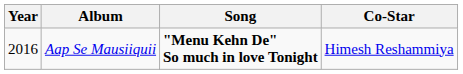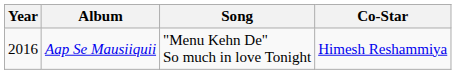 <table class="wikitable">
 <tr>
 <th>Year</th>
 <th>Album</th>
 <th>Song</th>
 <th>Co-Star</th>
 </tr>
 <tr>
 <td rowspan="3">2016</td>
 <td rowspan="3"><em><a href='#'>Aap Se Mausiiquii</a></em></td>
-<td><strong>"Menu Kehn De"<br>So much in love  Tonight</strong></td>
+<td>"Menu Kehn De"<br>So much in love  Tonight</td>
 <td rowspan="3"><a href='#'>Himesh Reshammiya</a></td>
 </tr>
 </table>
